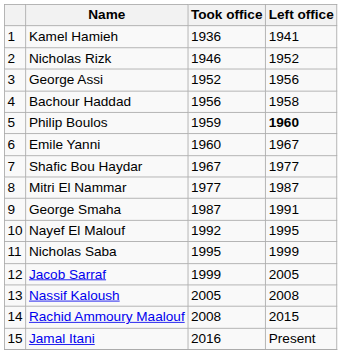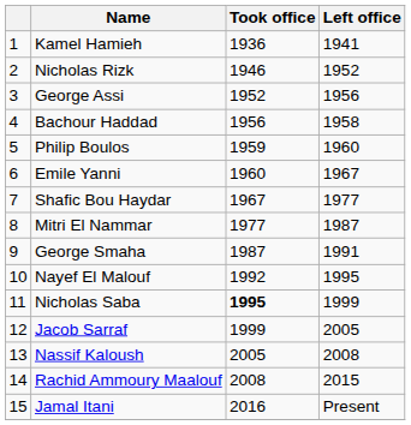 <table class="wikitable">
 <tr>
 <th></th>
 <th>Name</th>
 <th>Took office</th>
 <th>Left office</th>
 </tr>
 <tr>
 <td>1</td>
 <td>Kamel Hamieh</td>
 <td>1936</td>
 <td>1941</td>
 </tr>
 <tr>
 <td>2</td>
 <td>Nicholas Rizk</td>
 <td>1946</td>
 <td>1952</td>
 </tr>
 <tr>
 <td>3</td>
 <td>George Assi</td>
 <td>1952</td>
 <td>1956</td>
 </tr>
 <tr>
 <td>4</td>
 <td>Bachour Haddad</td>
 <td>1956</td>
 <td>1958</td>
 </tr>
 <tr>
 <td>5</td>
 <td>Philip Boulos</td>
 <td>1959</td>
-<td><strong>1960</strong></td>
+<td>1960</td>
 </tr>
 <tr>
 <td>6</td>
 <td>Emile Yanni</td>
 <td>1960</td>
 <td>1967</td>
 </tr>
 <tr>
 <td>7</td>
 <td>Shafic Bou Haydar</td>
 <td>1967</td>
 <td>1977</td>
 </tr>
 <tr>
 <td>8</td>
 <td>Mitri El Nammar</td>
 <td>1977</td>
 <td>1987</td>
 </tr>
 <tr>
 <td>9</td>
 <td>George Smaha</td>
 <td>1987</td>
 <td>1991</td>
 </tr>
 <tr>
 <td>10</td>
 <td>Nayef El Malouf</td>
 <td>1992</td>
 <td>1995</td>
 </tr>
 <tr>
 <td>11</td>
 <td>Nicholas Saba</td>
-<td>1995</td>
+<td><strong>1995</strong></td>
 <td>1999</td>
 </tr>
 <tr>
 <td>12</td>
 <td><a href='#'>Jacob Sarraf</a></td>
 <td>1999</td>
 <td>2005</td>
 </tr>
 <tr>
 <td>13</td>
 <td><a href='#'>Nassif Kaloush</a></td>
 <td>2005</td>
 <td>2008</td>
 </tr>
 <tr>
 <td>14</td>
 <td><a href='#'>Rachid Ammoury Maalouf</a></td>
 <td>2008</td>
 <td>2015</td>
 </tr>
 <tr>
 <td>15</td>
 <td><a href='#'>Jamal Itani</a></td>
 <td>2016</td>
 <td>Present</td>
 </tr>
 <tr>
 </tr>
 </table>
